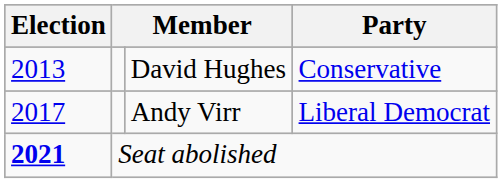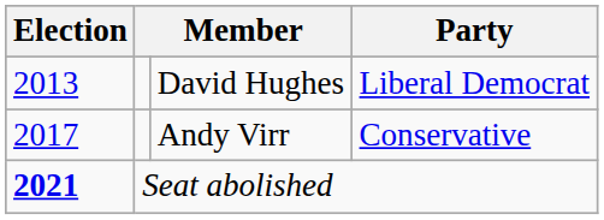 <table class="wikitable">
 <tr>
 <th>Election</th>
 <th colspan="2">Member</th>
 <th>Party</th>
 </tr>
 <tr>
 <td><a href='#'>2013</a></td>
 <td rowspan="1" style="background-color: "></td>
 <td rowspan="1">David Hughes</td>
-<td rowspan="1"><a href='#'>Conservative</a></td>
+<td rowspan="1"><a href='#'>Liberal Democrat</a></td>
 </tr>
 <tr>
 <td><a href='#'>2017</a></td>
 <td rowspan="1" style="background-color: "></td>
 <td rowspan="1">Andy Virr</td>
-<td rowspan="1"><a href='#'>Liberal Democrat</a></td>
+<td rowspan="1"><a href='#'>Conservative</a></td>
 </tr>
 <tr>
 <td><strong><a href='#'>2021</a></strong></td>
 <td colspan="3"><em>Seat abolished</em></td>
 </tr>
 </table>
